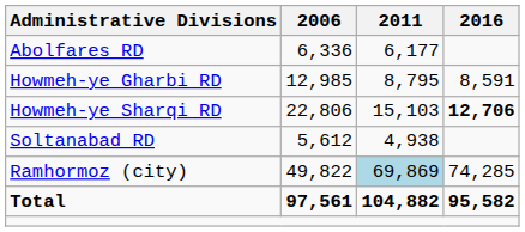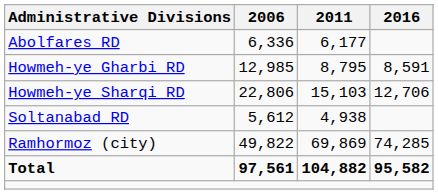 <table class="wikitable">
 <tr>
 <th>Administrative Divisions</th>
 <th>2006</th>
 <th>2011</th>
 <th>2016</th>
 </tr>
 <tr>
 <td><a href='#'>Abolfares RD</a></td>
 <td style="text-align: right;">6,336</td>
 <td style="text-align: right;">6,177</td>
 <td style="text-align: right;"></td>
 </tr>
 <tr>
 <td><a href='#'>Howmeh-ye Gharbi RD</a></td>
 <td style="text-align: right;">12,985</td>
 <td style="text-align: right;">8,795</td>
 <td style="text-align: right;">8,591</td>
 </tr>
 <tr>
 <td><a href='#'>Howmeh-ye Sharqi RD</a></td>
 <td style="text-align: right;">22,806</td>
 <td style="text-align: right;">15,103</td>
-<td style="text-align: right;"><strong>12,706</strong></td>
+<td style="text-align: right;">12,706</td>
 </tr>
 <tr>
 <td><a href='#'>Soltanabad RD</a></td>
 <td style="text-align: right;">5,612</td>
 <td style="text-align: right;">4,938</td>
 <td style="text-align: right;"></td>
 </tr>
 <tr>
 <td><a href='#'>Ramhormoz</a> (city)</td>
 <td style="text-align: right;">49,822</td>
-<td style="background: lightblue; text-align: right;">69,869</td>
+<td style="text-align: right;">69,869</td>
 <td style="text-align: right;">74,285</td>
 </tr>
 <tr>
 <td><strong>Total</strong></td>
 <td style="text-align: right;"><strong>97,561</strong></td>
 <td style="text-align: right;"><strong>104,882</strong></td>
 <td style="text-align: right;"><strong>95,582</strong></td>
 </tr>
 <tr>
 <td colspan=4></td>
 </tr>
 </table>
